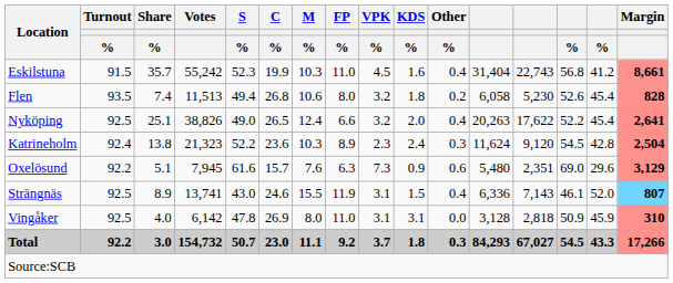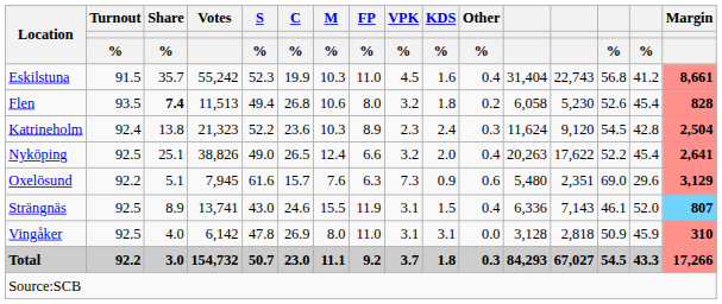 <table class="wikitable sortable" style="text-align:right; font-size:95%; line-height:20px;">
 <tr>
 <th rowspan="3">Location</th>
 <th>Turnout</th>
 <th>Share</th>
 <th>Votes</th>
 <th width="30px" class="unsortable"><a href='#'>S</a></th>
 <th width="30px" class="unsortable"><a href='#'>C</a></th>
 <th width="30px" class="unsortable"><a href='#'>M</a></th>
 <th width="30px" class="unsortable"><a href='#'>FP</a></th>
 <th width="30px" class="unsortable"><a href='#'>VPK</a></th>
 <th width="30px" class="unsortable"><a href='#'>KDS</a></th>
 <th width="30px" class="unsortable">Other</th>
 <th></th>
 <th></th>
 <th></th>
 <th></th>
 <th>Margin</th>
 </tr>
 <tr>
 <th></th>
 <th></th>
 <th></th>
 <th style="background:"></th>
 <th style="background:"></th>
 <th style="background:"></th>
 <th style="background:"></th>
 <th style="background:"></th>
 <th style="background:"></th>
 <th style="background:"></th>
 <th style="background:"></th>
 <th style="background:"></th>
 <th style="background:"></th>
 <th style="background:"></th>
 <th></th>
 </tr>
 <tr>
 <th data-sort-type="number">%</th>
 <th data-sort-type="number">%</th>
 <th></th>
 <th data-sort-type="number">%</th>
 <th data-sort-type="number">%</th>
 <th data-sort-type="number">%</th>
 <th data-sort-type="number">%</th>
 <th data-sort-type="number">%</th>
 <th data-sort-type="number">%</th>
 <th data-sort-type="number">%</th>
 <th data-sort-type="number"></th>
 <th data-sort-type="number"></th>
 <th data-sort-type="number">%</th>
 <th data-sort-type="number">%</th>
 <th data-sort-type="number"></th>
 </tr>
 <tr>
 <td align=left><a href='#'>Eskilstuna</a></td>
 <td>91.5</td>
 <td>35.7</td>
 <td>55,242</td>
 <td>52.3</td>
 <td>19.9</td>
 <td>10.3</td>
 <td>11.0</td>
 <td>4.5</td>
 <td>1.6</td>
 <td>0.4</td>
 <td>31,404</td>
 <td>22,743</td>
 <td>56.8</td>
 <td>41.2</td>
 <td bgcolor=#ff908c><strong>8,661</strong></td>
 </tr>
 <tr>
 <td align=left><a href='#'>Flen</a></td>
 <td>93.5</td>
-<td>7.4</td>
+<td><strong>7.4</strong></td>
 <td>11,513</td>
 <td>49.4</td>
 <td>26.8</td>
 <td>10.6</td>
 <td>8.0</td>
 <td>3.2</td>
 <td>1.8</td>
 <td>0.2</td>
 <td>6,058</td>
 <td>5,230</td>
 <td>52.6</td>
 <td>45.4</td>
 <td bgcolor=#ff908c><strong>828</strong></td>
+</tr>
+<tr>
+<td align=left><a href='#'>Katrineholm</a></td>
+<td>92.4</td>
+<td>13.8</td>
+<td>21,323</td>
+<td>52.2</td>
+<td>23.6</td>
+<td>10.3</td>
+<td>8.9</td>
+<td>2.3</td>
+<td>2.4</td>
+<td>0.3</td>
+<td>11,624</td>
+<td>9,120</td>
+<td>54.5</td>
+<td>42.8</td>
+<td bgcolor=#ff908c><strong>2,504</strong></td>
 </tr>
 <tr>
 <td align=left><a href='#'>Nyköping</a></td>
 <td>92.5</td>
 <td>25.1</td>
 <td>38,826</td>
 <td>49.0</td>
 <td>26.5</td>
 <td>12.4</td>
 <td>6.6</td>
 <td>3.2</td>
 <td>2.0</td>
 <td>0.4</td>
 <td>20,263</td>
 <td>17,622</td>
 <td>52.2</td>
 <td>45.4</td>
 <td bgcolor=#ff908c><strong>2,641</strong></td>
-</tr>
-<tr>
-<td align=left><a href='#'>Katrineholm</a></td>
-<td>92.4</td>
-<td>13.8</td>
-<td>21,323</td>
-<td>52.2</td>
-<td>23.6</td>
-<td>10.3</td>
-<td>8.9</td>
-<td>2.3</td>
-<td>2.4</td>
-<td>0.3</td>
-<td>11,624</td>
-<td>9,120</td>
-<td>54.5</td>
-<td>42.8</td>
-<td bgcolor=#ff908c><strong>2,504</strong></td>
 </tr>
 <tr>
 <td align=left><a href='#'>Oxelösund</a></td>
 <td>92.2</td>
 <td>5.1</td>
 <td>7,945</td>
 <td>61.6</td>
 <td>15.7</td>
 <td>7.6</td>
 <td>6.3</td>
 <td>7.3</td>
 <td>0.9</td>
 <td>0.6</td>
 <td>5,480</td>
 <td>2,351</td>
 <td>69.0</td>
 <td>29.6</td>
 <td bgcolor=#ff908c><strong>3,129</strong></td>
 </tr>
 <tr>
 <td align=left><a href='#'>Strängnäs</a></td>
 <td>92.5</td>
 <td>8.9</td>
 <td>13,741</td>
 <td>43.0</td>
 <td>24.6</td>
 <td>15.5</td>
 <td>11.9</td>
 <td>3.1</td>
 <td>1.5</td>
 <td>0.4</td>
 <td>6,336</td>
 <td>7,143</td>
 <td>46.1</td>
 <td>52.0</td>
 <td bgcolor=#6fd5fe><strong>807</strong></td>
 </tr>
 <tr>
 <td align=left><a href='#'>Vingåker</a></td>
 <td>92.5</td>
 <td>4.0</td>
 <td>6,142</td>
 <td>47.8</td>
 <td>26.9</td>
 <td>8.0</td>
 <td>11.0</td>
 <td>3.1</td>
 <td>3.1</td>
 <td>0.0</td>
 <td>3,128</td>
 <td>2,818</td>
 <td>50.9</td>
 <td>45.9</td>
 <td bgcolor=#ff908c><strong>310</strong></td>
 </tr>
 <tr style="background:#CDCDCD;">
 <td align=left><strong>Total</strong></td>
 <td><strong>92.2</strong></td>
 <td><strong>3.0</strong></td>
 <td><strong>154,732</strong></td>
 <td><strong>50.7</strong></td>
 <td><strong>23.0</strong></td>
 <td><strong>11.1</strong></td>
 <td><strong>9.2</strong></td>
 <td><strong>3.7</strong></td>
 <td><strong>1.8</strong></td>
 <td><strong>0.3</strong></td>
 <td><strong>84,293</strong></td>
 <td><strong>67,027</strong></td>
 <td><strong>54.5</strong></td>
 <td><strong>43.3</strong></td>
 <td bgcolor=#ff908c><strong>17,266</strong></td>
 </tr>
 <tr>
 <td align=left colspan=16>Source:SCB </td>
 </tr>
 </table>
